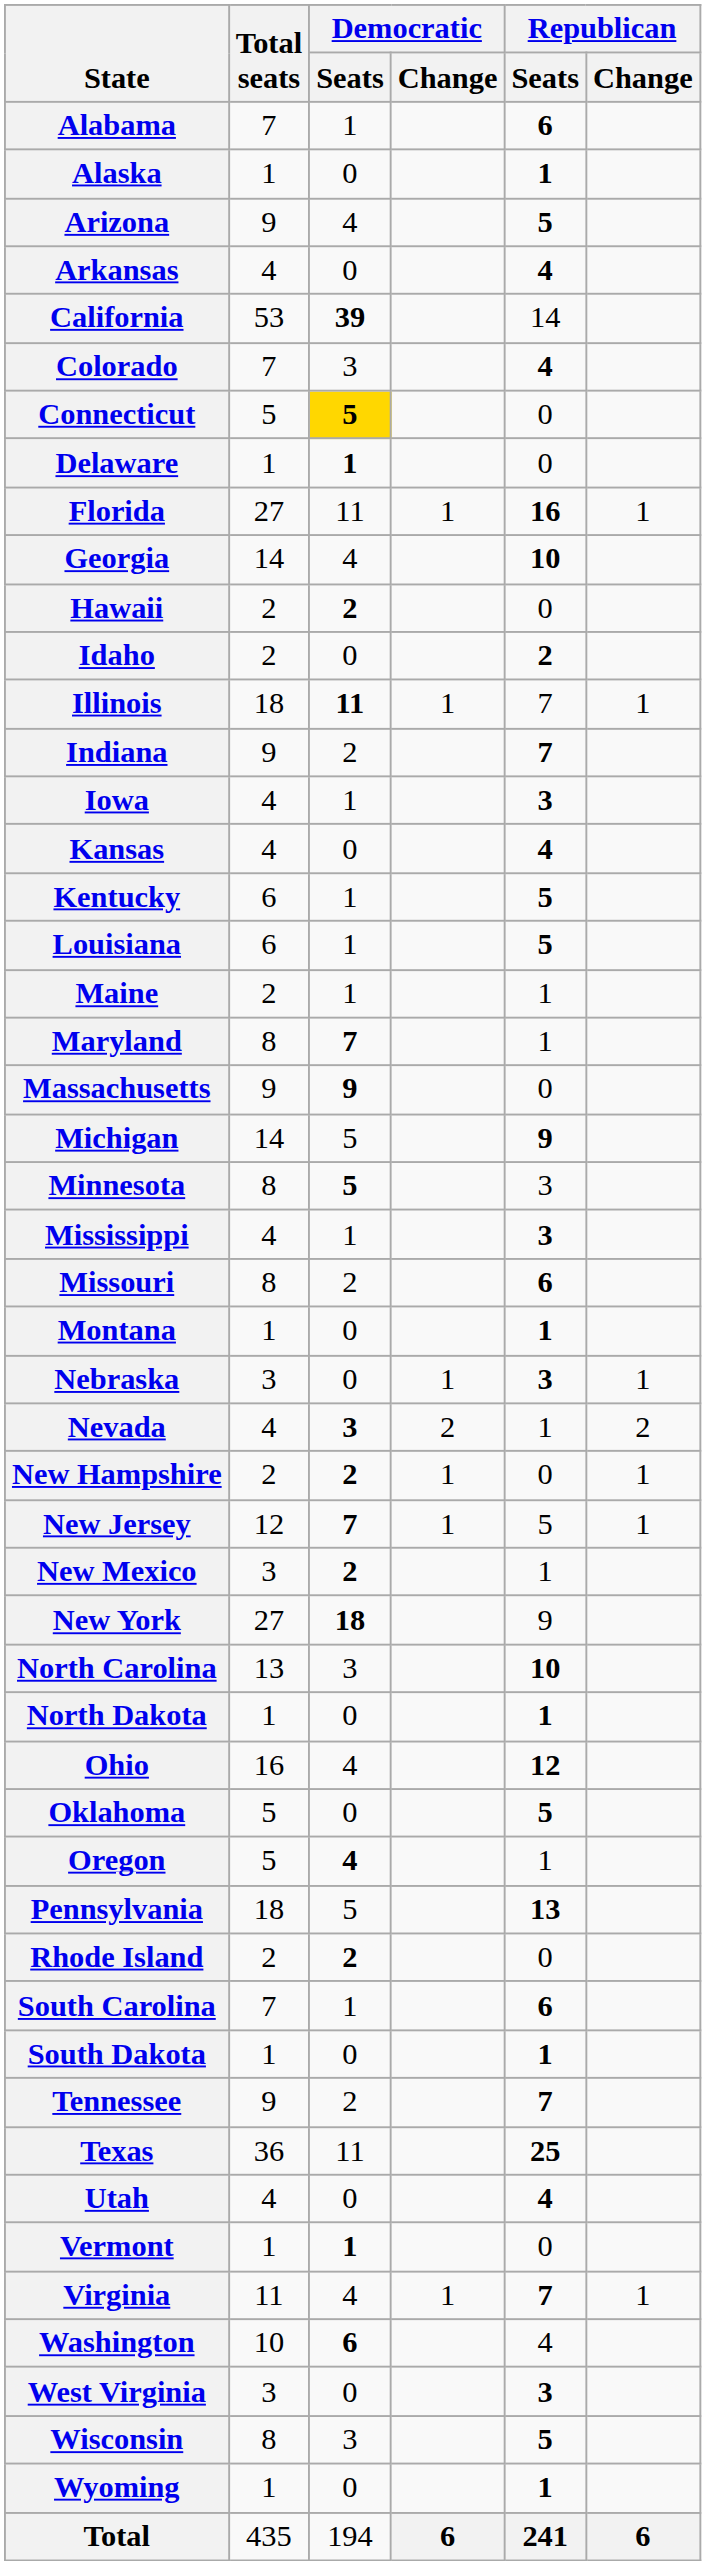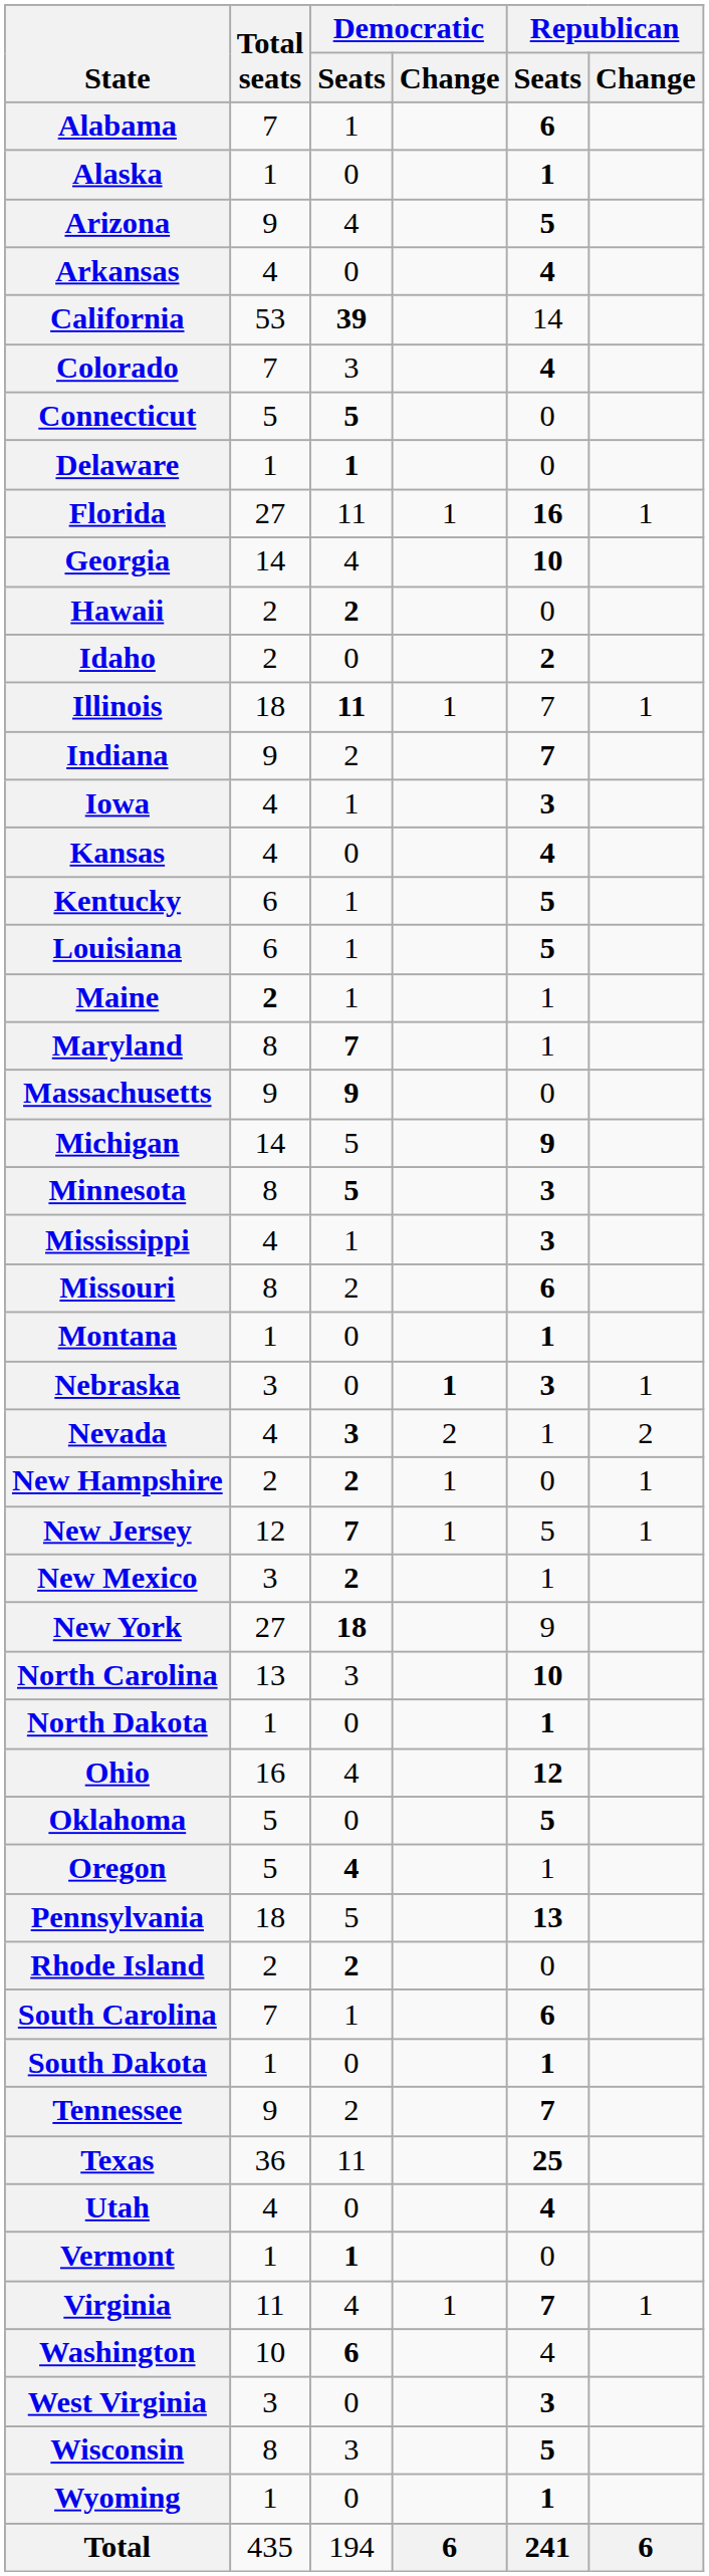 <table class="wikitable sortable" style="text-align:center">
 <tr valign=bottom>
 <th rowspan=2>State</th>
 <th rowspan=2>Total<br>seats</th>
 <th colspan=2 ><a href='#'>Democratic</a></th>
 <th colspan=2 ><a href='#'>Republican</a></th>
 </tr>
 <tr>
 <th>Seats</th>
 <th>Change</th>
 <th>Seats</th>
 <th>Change</th>
 </tr>
 <tr>
 <th><a href='#'>Alabama</a></th>
 <td>7</td>
 <td>1</td>
 <td></td>
 <td><strong>6</strong></td>
 <td></td>
 </tr>
 <tr>
 <th><a href='#'>Alaska</a></th>
 <td>1</td>
 <td>0</td>
 <td></td>
 <td><strong>1</strong></td>
 <td></td>
 </tr>
 <tr>
 <th><a href='#'>Arizona</a></th>
 <td>9</td>
 <td>4</td>
 <td></td>
 <td><strong>5</strong></td>
 <td></td>
 </tr>
 <tr>
 <th><a href='#'>Arkansas</a></th>
 <td>4</td>
 <td>0</td>
 <td></td>
 <td><strong>4</strong></td>
 <td></td>
 </tr>
 <tr>
 <th><a href='#'>California</a></th>
 <td>53</td>
 <td><strong>39</strong></td>
 <td></td>
 <td>14</td>
 <td></td>
 </tr>
 <tr>
 <th><a href='#'>Colorado</a></th>
 <td>7</td>
 <td>3</td>
 <td></td>
 <td><strong>4</strong></td>
 <td></td>
 </tr>
 <tr>
 <th><a href='#'>Connecticut</a></th>
 <td>5</td>
-<td style="background: gold;"><strong>5</strong></td>
+<td><strong>5</strong></td>
 <td></td>
 <td>0</td>
 <td></td>
 </tr>
 <tr>
 <th><a href='#'>Delaware</a></th>
 <td>1</td>
 <td><strong>1</strong></td>
 <td></td>
 <td>0</td>
 <td></td>
 </tr>
 <tr>
 <th><a href='#'>Florida</a></th>
 <td>27</td>
 <td>11</td>
 <td>1</td>
 <td><strong>16</strong></td>
 <td>1</td>
 </tr>
 <tr>
 <th><a href='#'>Georgia</a></th>
 <td>14</td>
 <td>4</td>
 <td></td>
 <td><strong>10</strong></td>
 <td></td>
 </tr>
 <tr>
 <th><a href='#'>Hawaii</a></th>
 <td>2</td>
 <td><strong>2</strong></td>
 <td></td>
 <td>0</td>
 <td></td>
 </tr>
 <tr>
 <th><a href='#'>Idaho</a></th>
 <td>2</td>
 <td>0</td>
 <td></td>
 <td><strong>2</strong></td>
 <td></td>
 </tr>
 <tr>
 <th><a href='#'>Illinois</a></th>
 <td>18</td>
 <td><strong>11</strong></td>
 <td>1</td>
 <td>7</td>
 <td>1</td>
 </tr>
 <tr>
 <th><a href='#'>Indiana</a></th>
 <td>9</td>
 <td>2</td>
 <td></td>
 <td><strong>7</strong></td>
 <td></td>
 </tr>
 <tr>
 <th><a href='#'>Iowa</a></th>
 <td>4</td>
 <td>1</td>
 <td></td>
 <td><strong>3</strong></td>
 <td></td>
 </tr>
 <tr>
 <th><a href='#'>Kansas</a></th>
 <td>4</td>
 <td>0</td>
 <td></td>
 <td><strong>4</strong></td>
 <td></td>
 </tr>
 <tr>
 <th><a href='#'>Kentucky</a></th>
 <td>6</td>
 <td>1</td>
 <td></td>
 <td><strong>5</strong></td>
 <td></td>
 </tr>
 <tr>
 <th><a href='#'>Louisiana</a></th>
 <td>6</td>
 <td>1</td>
 <td></td>
 <td><strong>5</strong></td>
 <td></td>
 </tr>
 <tr>
 <th><a href='#'>Maine</a></th>
-<td>2</td>
+<td><strong>2</strong></td>
 <td>1</td>
 <td></td>
 <td>1</td>
 <td></td>
 </tr>
 <tr>
 <th><a href='#'>Maryland</a></th>
 <td>8</td>
 <td><strong>7</strong></td>
 <td></td>
 <td>1</td>
 <td></td>
 </tr>
 <tr>
 <th><a href='#'>Massachusetts</a></th>
 <td>9</td>
 <td><strong>9</strong></td>
 <td></td>
 <td>0</td>
 <td></td>
 </tr>
 <tr>
 <th><a href='#'>Michigan</a></th>
 <td>14</td>
 <td>5</td>
 <td></td>
 <td><strong>9</strong></td>
 <td></td>
 </tr>
 <tr>
 <th><a href='#'>Minnesota</a></th>
 <td>8</td>
 <td><strong>5</strong></td>
 <td></td>
-<td>3</td>
+<td><strong>3</strong></td>
 <td></td>
 </tr>
 <tr>
 <th><a href='#'>Mississippi</a></th>
 <td>4</td>
 <td>1</td>
 <td></td>
 <td><strong>3</strong></td>
 <td></td>
 </tr>
 <tr>
 <th><a href='#'>Missouri</a></th>
 <td>8</td>
 <td>2</td>
 <td></td>
 <td><strong>6</strong></td>
 <td></td>
 </tr>
 <tr>
 <th><a href='#'>Montana</a></th>
 <td>1</td>
 <td>0</td>
 <td></td>
 <td><strong>1</strong></td>
 <td></td>
 </tr>
 <tr>
 <th><a href='#'>Nebraska</a></th>
 <td>3</td>
 <td>0</td>
-<td>1</td>
+<td><strong>1</strong></td>
 <td><strong>3</strong></td>
 <td>1</td>
 </tr>
 <tr>
 <th><a href='#'>Nevada</a></th>
 <td>4</td>
 <td><strong>3</strong></td>
 <td>2</td>
 <td>1</td>
 <td>2</td>
 </tr>
 <tr>
 <th><a href='#'>New Hampshire</a></th>
 <td>2</td>
 <td><strong>2</strong></td>
 <td>1</td>
 <td>0</td>
 <td>1</td>
 </tr>
 <tr>
 <th><a href='#'>New Jersey</a></th>
 <td>12</td>
 <td><strong>7</strong></td>
 <td>1</td>
 <td>5</td>
 <td>1</td>
 </tr>
 <tr>
 <th><a href='#'>New Mexico</a></th>
 <td>3</td>
 <td><strong>2</strong></td>
 <td></td>
 <td>1</td>
 <td></td>
 </tr>
 <tr>
 <th><a href='#'>New York</a></th>
 <td>27</td>
 <td><strong>18</strong></td>
 <td></td>
 <td>9</td>
 <td></td>
 </tr>
 <tr>
 <th><a href='#'>North Carolina</a></th>
 <td>13</td>
 <td>3</td>
 <td></td>
 <td><strong>10</strong></td>
 <td></td>
 </tr>
 <tr>
 <th><a href='#'>North Dakota</a></th>
 <td>1</td>
 <td>0</td>
 <td></td>
 <td><strong>1</strong></td>
 <td></td>
 </tr>
 <tr>
 <th><a href='#'>Ohio</a></th>
 <td>16</td>
 <td>4</td>
 <td></td>
 <td><strong>12</strong></td>
 <td></td>
 </tr>
 <tr>
 <th><a href='#'>Oklahoma</a></th>
 <td>5</td>
 <td>0</td>
 <td></td>
 <td><strong>5</strong></td>
 <td></td>
 </tr>
 <tr>
 <th><a href='#'>Oregon</a></th>
 <td>5</td>
 <td><strong>4</strong></td>
 <td></td>
 <td>1</td>
 <td></td>
 </tr>
 <tr>
 <th><a href='#'>Pennsylvania</a></th>
 <td>18</td>
 <td>5</td>
 <td></td>
 <td><strong>13</strong></td>
 <td></td>
 </tr>
 <tr>
 <th><a href='#'>Rhode Island</a></th>
 <td>2</td>
 <td><strong>2</strong></td>
 <td></td>
 <td>0</td>
 <td></td>
 </tr>
 <tr>
 <th><a href='#'>South Carolina</a></th>
 <td>7</td>
 <td>1</td>
 <td></td>
 <td><strong>6</strong></td>
 <td></td>
 </tr>
 <tr>
 <th><a href='#'>South Dakota</a></th>
 <td>1</td>
 <td>0</td>
 <td></td>
 <td><strong>1</strong></td>
 <td></td>
 </tr>
 <tr>
 <th><a href='#'>Tennessee</a></th>
 <td>9</td>
 <td>2</td>
 <td></td>
 <td><strong>7</strong></td>
 <td></td>
 </tr>
 <tr>
 <th><a href='#'>Texas</a></th>
 <td>36</td>
 <td>11</td>
 <td></td>
 <td><strong>25</strong></td>
 <td></td>
 </tr>
 <tr>
 <th><a href='#'>Utah</a></th>
 <td>4</td>
 <td>0</td>
 <td></td>
 <td><strong>4</strong></td>
 <td></td>
 </tr>
 <tr>
 <th><a href='#'>Vermont</a></th>
 <td>1</td>
 <td><strong>1</strong></td>
 <td></td>
 <td>0</td>
 <td></td>
 </tr>
 <tr>
 <th><a href='#'>Virginia</a></th>
 <td>11</td>
 <td>4</td>
 <td>1</td>
 <td><strong>7</strong></td>
 <td>1</td>
 </tr>
 <tr>
 <th><a href='#'>Washington</a></th>
 <td>10</td>
 <td><strong>6</strong></td>
 <td></td>
 <td>4</td>
 <td></td>
 </tr>
 <tr>
 <th><a href='#'>West Virginia</a></th>
 <td>3</td>
 <td>0</td>
 <td></td>
 <td><strong>3</strong></td>
 <td></td>
 </tr>
 <tr>
 <th><a href='#'>Wisconsin</a></th>
 <td>8</td>
 <td>3</td>
 <td></td>
 <td><strong>5</strong></td>
 <td></td>
 </tr>
 <tr>
 <th><a href='#'>Wyoming</a></th>
 <td>1</td>
 <td>0</td>
 <td></td>
 <td><strong>1</strong></td>
 <td></td>
 </tr>
 <tr>
 <th>Total</th>
 <td>435</td>
 <td>194</td>
 <th>6</th>
 <th>241</th>
 <th>6</th>
 </tr>
 </table>
